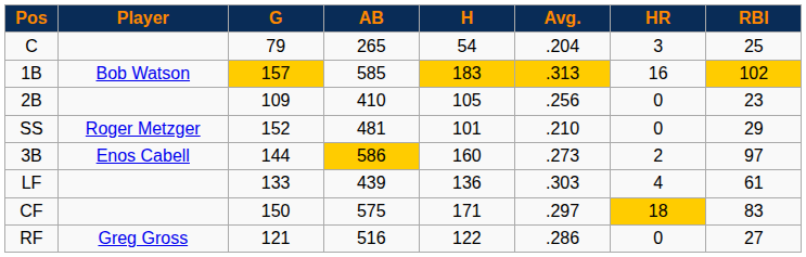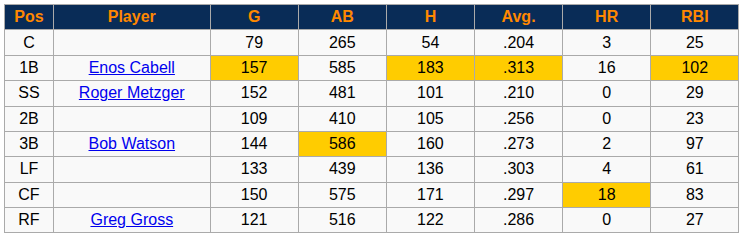 <table class="wikitable sortable">
 <tr>
 <th style="background:#092c57;color:#FF8800;" width="5%">Pos</th>
 <th style="background:#092c57;color:#FF8800;" width="16%">Player</th>
 <th style="background:#092c57;color:#FF8800;" width="9%">G</th>
 <th style="background:#092c57;color:#FF8800;" width="9%">AB</th>
 <th style="background:#092c57;color:#FF8800;" width="9%">H</th>
 <th style="background:#092c57;color:#FF8800;" width="9%">Avg.</th>
 <th style="background:#092c57;color:#FF8800;" width="9%">HR</th>
 <th style="background:#092c57;color:#FF8800;" width="9%">RBI</th>
 </tr>
 <tr align="center">
 <td>C</td>
 <td></td>
 <td>79</td>
 <td>265</td>
 <td>54</td>
 <td>.204</td>
 <td>3</td>
 <td>25</td>
 </tr>
 <tr align="center">
 <td>1B</td>
-<td><a href='#'>Bob Watson</a></td>
+<td><a href='#'>Enos Cabell</a></td>
 <td style="background:#fc0;">157</td>
 <td>585</td>
 <td style="background:#fc0;">183</td>
 <td style="background:#fc0;">.313</td>
 <td>16</td>
 <td style="background:#fc0;">102</td>
+</tr>
+<tr align="center">
+<td>SS</td>
+<td><a href='#'>Roger Metzger</a></td>
+<td>152</td>
+<td>481</td>
+<td>101</td>
+<td>.210</td>
+<td>0</td>
+<td>29</td>
 </tr>
 <tr align="center">
 <td>2B</td>
 <td></td>
 <td>109</td>
 <td>410</td>
 <td>105</td>
 <td>.256</td>
 <td>0</td>
 <td>23</td>
 </tr>
 <tr align="center">
-<td>SS</td>
-<td><a href='#'>Roger Metzger</a></td>
-<td>152</td>
-<td>481</td>
-<td>101</td>
-<td>.210</td>
-<td>0</td>
-<td>29</td>
-</tr>
-<tr align="center">
 <td>3B</td>
-<td><a href='#'>Enos Cabell</a></td>
+<td><a href='#'>Bob Watson</a></td>
 <td>144</td>
 <td style="background:#fc0;">586</td>
 <td>160</td>
 <td>.273</td>
 <td>2</td>
 <td>97</td>
 </tr>
 <tr align="center">
 <td>LF</td>
 <td></td>
 <td>133</td>
 <td>439</td>
 <td>136</td>
 <td>.303</td>
 <td>4</td>
 <td>61</td>
 </tr>
 <tr align="center">
 <td>CF</td>
 <td></td>
 <td>150</td>
 <td>575</td>
 <td>171</td>
 <td>.297</td>
 <td style="background:#fc0;">18</td>
 <td>83</td>
 </tr>
 <tr align="center">
 <td>RF</td>
 <td><a href='#'>Greg Gross</a></td>
 <td>121</td>
 <td>516</td>
 <td>122</td>
 <td>.286</td>
 <td>0</td>
 <td>27</td>
 </tr>
 </table>
